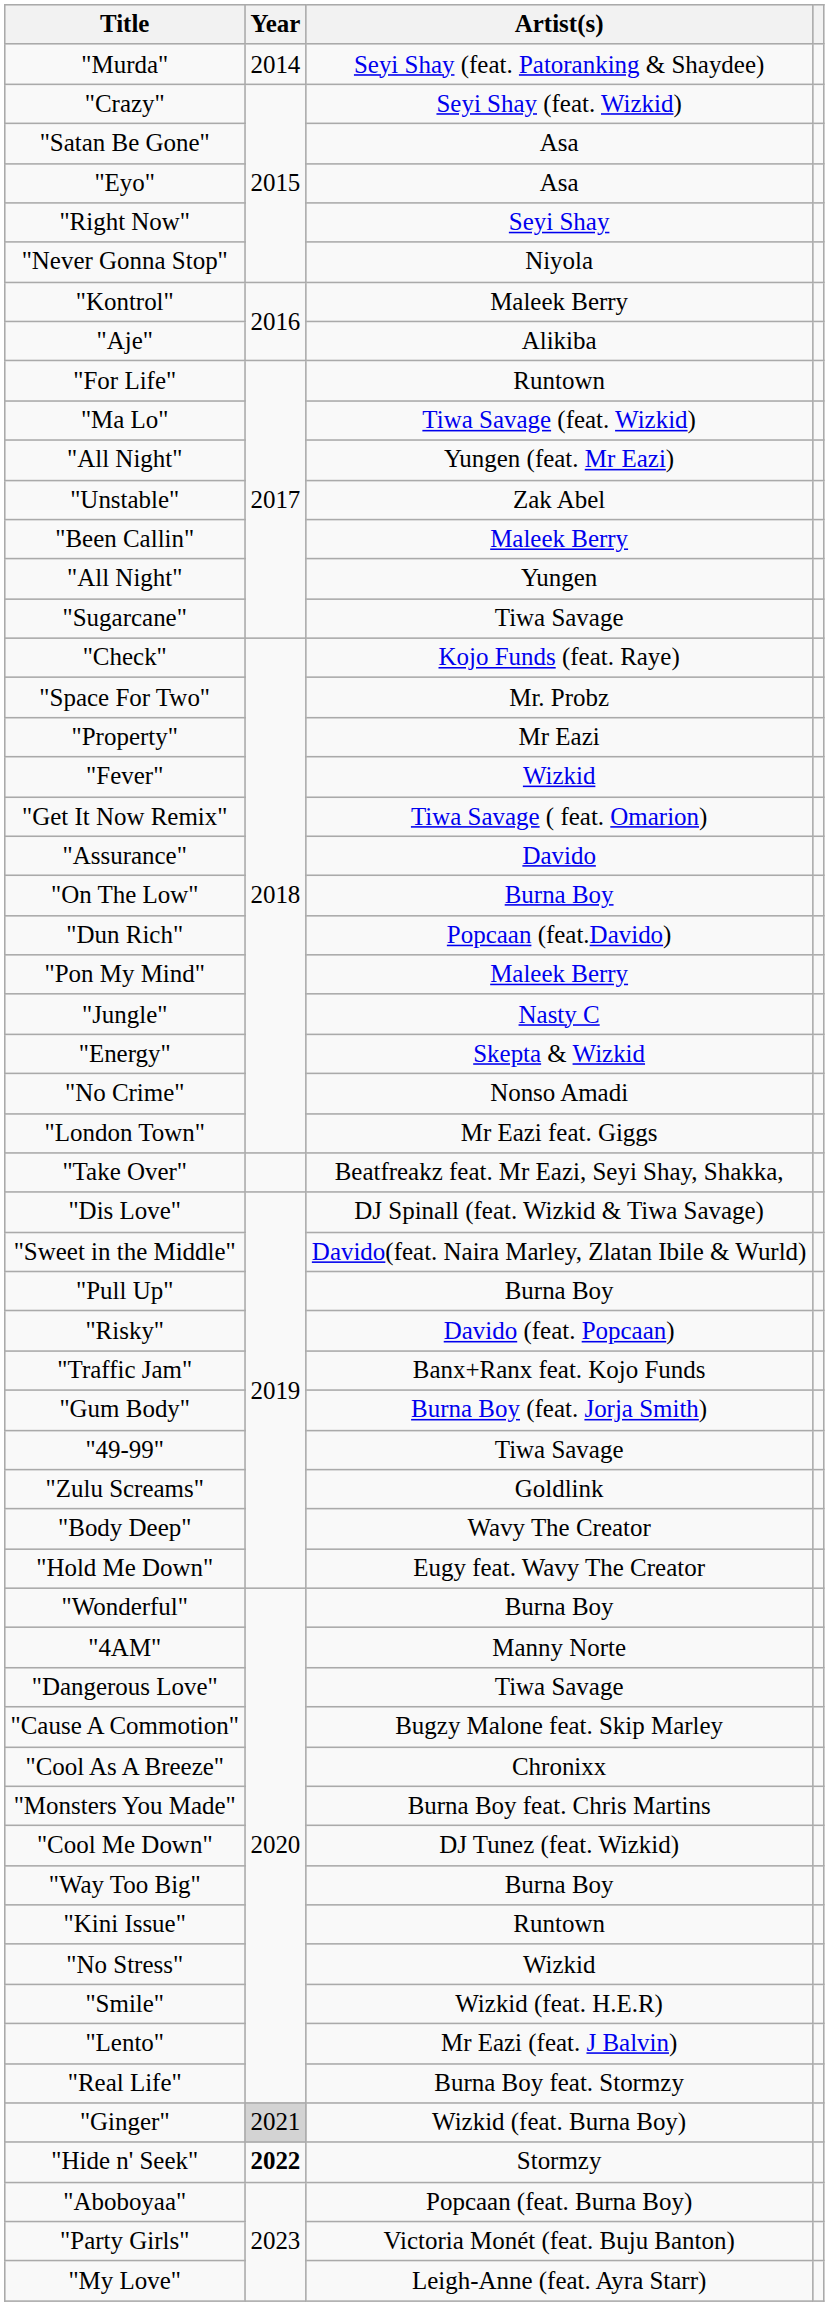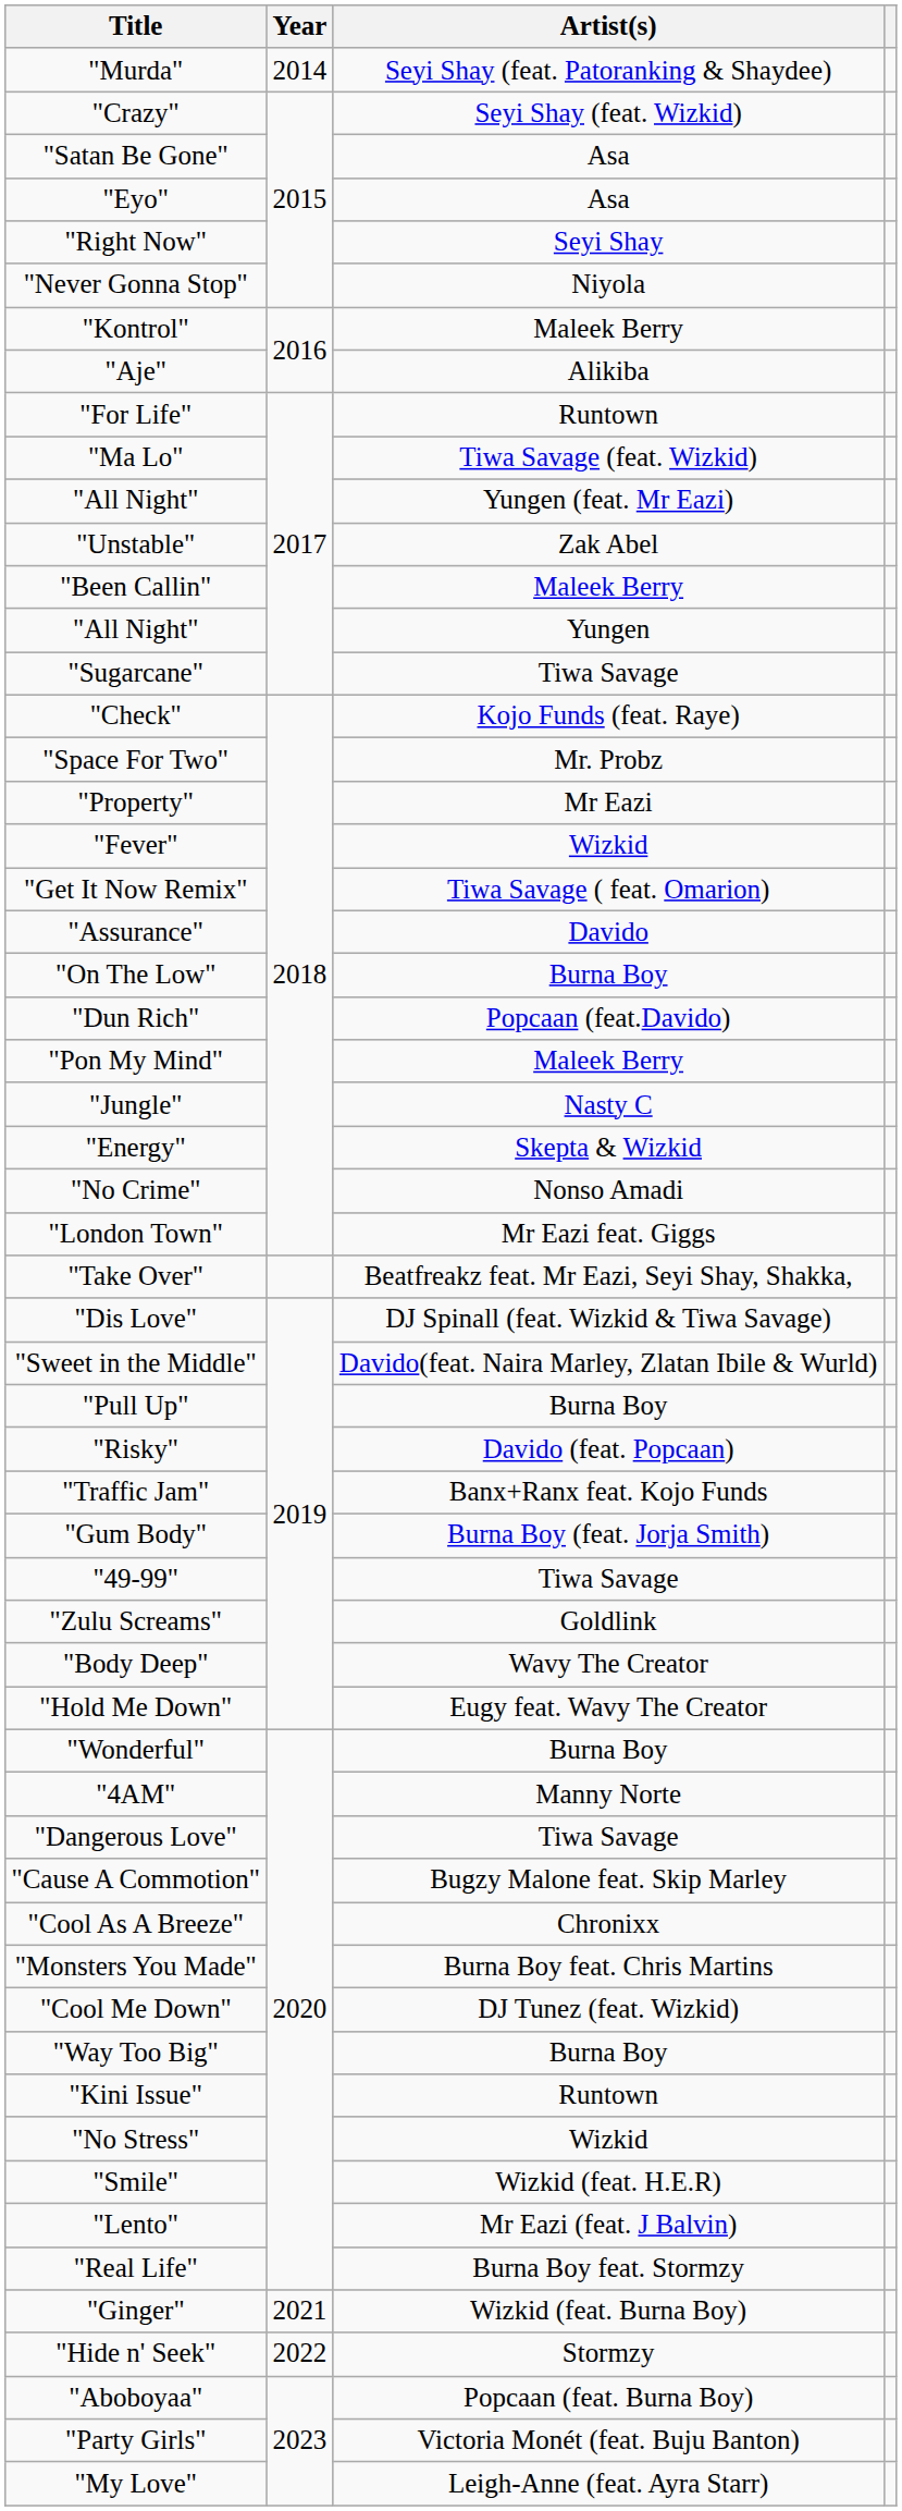 <table class="wikitable sortable plainrowheaders" style="text-align:center;">
 <tr>
 <th scope="col">Title</th>
 <th scope="col">Year</th>
 <th scope="col">Artist(s)</th>
 <th scope="col" class="unsortable"></th>
 </tr>
 <tr>
 <td>"Murda"</td>
 <td rowspan="1">2014</td>
 <td><a href='#'>Seyi Shay</a> (feat. <a href='#'>Patoranking</a> & Shaydee)</td>
 <td></td>
 </tr>
 <tr>
 <td>"Crazy"</td>
 <td rowspan="5">2015</td>
 <td><a href='#'>Seyi Shay</a> (feat. <a href='#'>Wizkid</a>)</td>
 <td></td>
 </tr>
 <tr>
 <td>"Satan Be Gone"</td>
 <td>Asa</td>
 <td></td>
 </tr>
 <tr>
 <td>"Eyo"</td>
 <td>Asa</td>
 <td></td>
 </tr>
 <tr>
 <td>"Right Now"</td>
 <td><a href='#'>Seyi Shay</a></td>
 <td></td>
 </tr>
 <tr>
 <td>"Never Gonna Stop"</td>
 <td>Niyola</td>
 <td></td>
 </tr>
 <tr>
 <td>"Kontrol"</td>
 <td rowspan="2">2016</td>
 <td>Maleek Berry</td>
 <td></td>
 </tr>
 <tr>
 <td>"Aje"</td>
 <td>Alikiba</td>
 <td></td>
 </tr>
 <tr>
 <td>"For Life"</td>
 <td rowspan="7">2017</td>
 <td>Runtown</td>
 <td></td>
 </tr>
 <tr>
 <td>"Ma Lo"</td>
 <td><a href='#'>Tiwa Savage</a> (feat. <a href='#'>Wizkid</a>)</td>
 <td></td>
 </tr>
 <tr>
 <td>"All Night"</td>
 <td>Yungen (feat. <a href='#'>Mr Eazi</a>)</td>
 <td></td>
 </tr>
 <tr>
 <td>"Unstable"</td>
 <td>Zak Abel</td>
 <td></td>
 </tr>
 <tr>
 <td>"Been Callin"</td>
 <td><a href='#'>Maleek Berry</a></td>
 <td></td>
 </tr>
 <tr>
 <td>"All Night"</td>
 <td>Yungen</td>
 <td></td>
 </tr>
 <tr>
 <td>"Sugarcane"</td>
 <td>Tiwa Savage</td>
 <td></td>
 </tr>
 <tr>
 <td>"Check"</td>
 <td rowspan="13">2018</td>
 <td><a href='#'>Kojo Funds</a> (feat. Raye)</td>
 <td></td>
 </tr>
 <tr>
 <td>"Space For Two"</td>
 <td>Mr. Probz</td>
 <td></td>
 </tr>
 <tr>
 <td>"Property"</td>
 <td>Mr Eazi</td>
 <td></td>
 </tr>
 <tr>
 <td>"Fever"</td>
 <td><a href='#'>Wizkid</a></td>
 <td></td>
 </tr>
 <tr>
 <td>"Get It Now Remix"</td>
 <td><a href='#'>Tiwa Savage</a> ( feat. <a href='#'>Omarion</a>)</td>
 <td></td>
 </tr>
 <tr>
 <td>"Assurance"</td>
 <td><a href='#'>Davido</a></td>
 <td></td>
 </tr>
 <tr>
 <td>"On The Low"</td>
 <td><a href='#'>Burna Boy</a></td>
 <td></td>
 </tr>
 <tr>
 <td>"Dun Rich"</td>
 <td><a href='#'>Popcaan</a> (feat.<a href='#'>Davido</a>)</td>
 <td></td>
 </tr>
 <tr>
 <td>"Pon My Mind"</td>
 <td><a href='#'>Maleek Berry</a></td>
 <td></td>
 </tr>
 <tr>
 <td>"Jungle"</td>
 <td><a href='#'>Nasty C</a></td>
 <td></td>
 </tr>
 <tr>
 <td>"Energy"</td>
 <td><a href='#'>Skepta</a> & <a href='#'>Wizkid</a></td>
 <td></td>
 </tr>
 <tr>
 <td>"No Crime"</td>
 <td>Nonso Amadi</td>
 <td></td>
 </tr>
 <tr>
 <td>"London Town"</td>
 <td>Mr Eazi feat. Giggs</td>
 <td></td>
 </tr>
 <tr>
 <td>"Take Over"</td>
 <td></td>
 <td>Beatfreakz feat. Mr Eazi, Seyi Shay, Shakka,</td>
 <td></td>
 </tr>
 <tr>
 <td>"Dis Love"</td>
 <td rowspan="10">2019</td>
 <td>DJ Spinall (feat. Wizkid & Tiwa Savage)</td>
 <td></td>
 </tr>
 <tr>
 <td>"Sweet in the Middle"</td>
 <td><a href='#'>Davido</a>(feat. Naira Marley, Zlatan Ibile & Wurld)</td>
 <td></td>
 </tr>
 <tr>
 <td>"Pull Up"</td>
 <td>Burna Boy</td>
 <td></td>
 </tr>
 <tr>
 <td>"Risky"</td>
 <td><a href='#'>Davido</a> (feat. <a href='#'>Popcaan</a>)</td>
 <td></td>
 </tr>
 <tr>
 <td>"Traffic Jam"</td>
 <td>Banx+Ranx feat. Kojo Funds</td>
 <td></td>
 </tr>
 <tr>
 <td>"Gum Body"</td>
 <td><a href='#'>Burna Boy</a> (feat. <a href='#'>Jorja Smith</a>)</td>
 <td></td>
 </tr>
 <tr>
 <td>"49-99"</td>
 <td>Tiwa Savage</td>
 <td></td>
 </tr>
 <tr>
 <td>"Zulu Screams"</td>
 <td>Goldlink</td>
 <td></td>
 </tr>
 <tr>
 <td>"Body Deep"</td>
 <td>Wavy The Creator</td>
 <td></td>
 </tr>
 <tr>
 <td>"Hold Me Down"</td>
 <td>Eugy feat. Wavy The Creator</td>
 <td></td>
 </tr>
 <tr>
 <td>"Wonderful"</td>
 <td rowspan="13">2020</td>
 <td>Burna Boy</td>
 <td></td>
 </tr>
 <tr>
 <td>"4AM"</td>
 <td>Manny Norte</td>
 <td></td>
 </tr>
 <tr>
 <td>"Dangerous Love"</td>
 <td>Tiwa Savage</td>
 <td></td>
 </tr>
 <tr>
 <td>"Cause A Commotion"</td>
 <td>Bugzy Malone feat. Skip Marley</td>
 <td></td>
 </tr>
 <tr>
 <td>"Cool As A Breeze"</td>
 <td>Chronixx</td>
 <td></td>
 </tr>
 <tr>
 <td>"Monsters You Made"</td>
 <td>Burna Boy feat. Chris Martins</td>
 <td></td>
 </tr>
 <tr>
 <td>"Cool Me Down"</td>
 <td>DJ Tunez (feat. Wizkid)</td>
 <td></td>
 </tr>
 <tr>
 <td>"Way Too Big"</td>
 <td>Burna Boy</td>
 <td></td>
 </tr>
 <tr>
 <td>"Kini Issue"</td>
 <td>Runtown</td>
 <td></td>
 </tr>
 <tr>
 <td>"No Stress"</td>
 <td>Wizkid</td>
 <td></td>
 </tr>
 <tr>
 <td>"Smile"</td>
 <td>Wizkid (feat. H.E.R)</td>
 <td></td>
 </tr>
 <tr>
 <td>"Lento"</td>
 <td>Mr Eazi (feat. <a href='#'>J Balvin</a>)</td>
 <td></td>
 </tr>
 <tr>
 <td>"Real Life"</td>
 <td>Burna Boy feat. Stormzy</td>
 <td></td>
 </tr>
 <tr>
 <td>"Ginger"</td>
-<td style="background: lightgrey;">2021</td>
+<td>2021</td>
 <td>Wizkid (feat. Burna Boy)</td>
 <td></td>
 </tr>
 <tr>
 <td>"Hide n' Seek"</td>
-<td><strong>2022</strong></td>
+<td>2022</td>
 <td>Stormzy</td>
 <td></td>
 </tr>
 <tr>
 <td>"Aboboyaa"</td>
 <td rowspan="3">2023</td>
 <td>Popcaan (feat. Burna Boy)</td>
 <td></td>
 </tr>
 <tr>
 <td>"Party Girls"</td>
 <td>Victoria Monét (feat. Buju Banton)</td>
 <td></td>
 </tr>
 <tr>
 <td>"My Love"</td>
 <td>Leigh-Anne (feat. Ayra Starr)</td>
 <td></td>
 </tr>
 </table>
